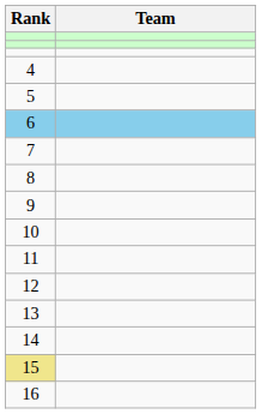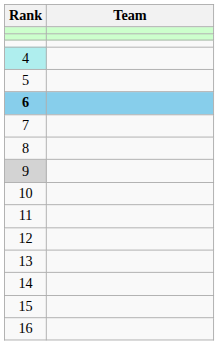 <table class="wikitable" style="text-align: center;">
 <tr>
 <th width=40>Rank</th>
 <th width=180>Team</th>
 </tr>
 <tr bgcolor=#ccffcc>
 <td></td>
 <td align="left"></td>
 </tr>
 <tr bgcolor=#ccffcc>
 <td></td>
 <td align="left"></td>
 </tr>
 <tr>
 <td></td>
 <td align="left"></td>
 </tr>
 <tr>
-<td>4</td>
+<td style="background: paleturquoise;">4</td>
 <td align="left"></td>
 </tr>
 <tr>
 <td>5</td>
 <td align="left"></td>
 </tr>
 <tr bgcolor=skyblue>
-<td>6</td>
+<td><strong>6</strong></td>
 <td align="left"></td>
 </tr>
 <tr>
 <td>7</td>
 <td align="left"></td>
 </tr>
 <tr>
 <td>8</td>
 <td align="left"></td>
 </tr>
 <tr>
-<td>9</td>
+<td style="background: lightgrey;">9</td>
 <td align="left"></td>
 </tr>
 <tr>
 <td>10</td>
 <td align="left"></td>
 </tr>
 <tr>
 <td>11</td>
 <td align="left"></td>
 </tr>
 <tr>
 <td>12</td>
 <td align="left"></td>
 </tr>
 <tr>
 <td>13</td>
 <td align="left"></td>
 </tr>
 <tr>
 <td>14</td>
 <td align="left"></td>
 </tr>
 <tr>
-<td style="background: khaki;">15</td>
+<td>15</td>
 <td align="left"></td>
 </tr>
 <tr>
 <td>16</td>
 <td align="left"></td>
 </tr>
 </table>
